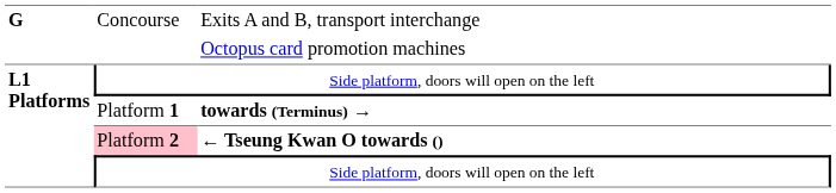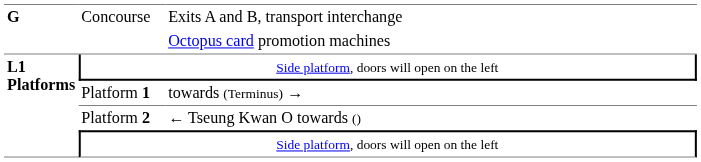 <table border=0 cellspacing=0 cellpadding=3>
 <tr>
 <td style="border-top:solid 1px gray;border-bottom:solid 1px gray;width:50px;vertical-align:top;" rowspan=2><strong>G</strong></td>
 <td style="border-top:solid 1px gray;border-bottom:solid 1px gray;width:80px;vertical-align:top;" rowspan=2>Concourse</td>
 <td style="border-top:solid 1px gray;width:520px;vertical-align:top;">Exits A and B, transport interchange</td>
 </tr>
 <tr>
 <td style="border-bottom:solid 1px gray;"><a href='#'>Octopus card</a> promotion machines</td>
 </tr>
 <tr>
 <td style="border-bottom:solid 1px gray;vertical-align:top;" rowspan=4><strong>L1<br>Platforms</strong></td>
 <td style="border-right:solid 2px black;border-left:solid 2px black;border-bottom:solid 2px black;text-align:center;" colspan=2><small><a href='#'>Side platform</a>, doors will open on the left</small></td>
 </tr>
 <tr>
 <td style="border-bottom:solid 1px gray;">Platform <span><strong>1</strong></span></td>
-<td style="border-bottom:solid 1px gray;"><strong>  towards  <small>(Terminus)</small> →</strong></td>
+<td style="border-bottom:solid 1px gray;">  towards  <small>(Terminus)</small> →</td>
 </tr>
 <tr>
-<td style="background: pink;">Platform <span><strong>2</strong></span></td>
-<td><strong>←  Tseung Kwan O towards  <small>()</small></strong></td>
+<td>Platform <span><strong>2</strong></span></td>
+<td>←  Tseung Kwan O towards  <small>()</small></td>
 </tr>
 <tr>
 <td style="border-top:solid 2px black;border-right:solid 2px black;border-left:solid 2px black;border-bottom:solid 1px gray;text-align:center;" colspan=2><small><a href='#'>Side platform</a>, doors will open on the left</small></td>
 </tr>
 </table>
